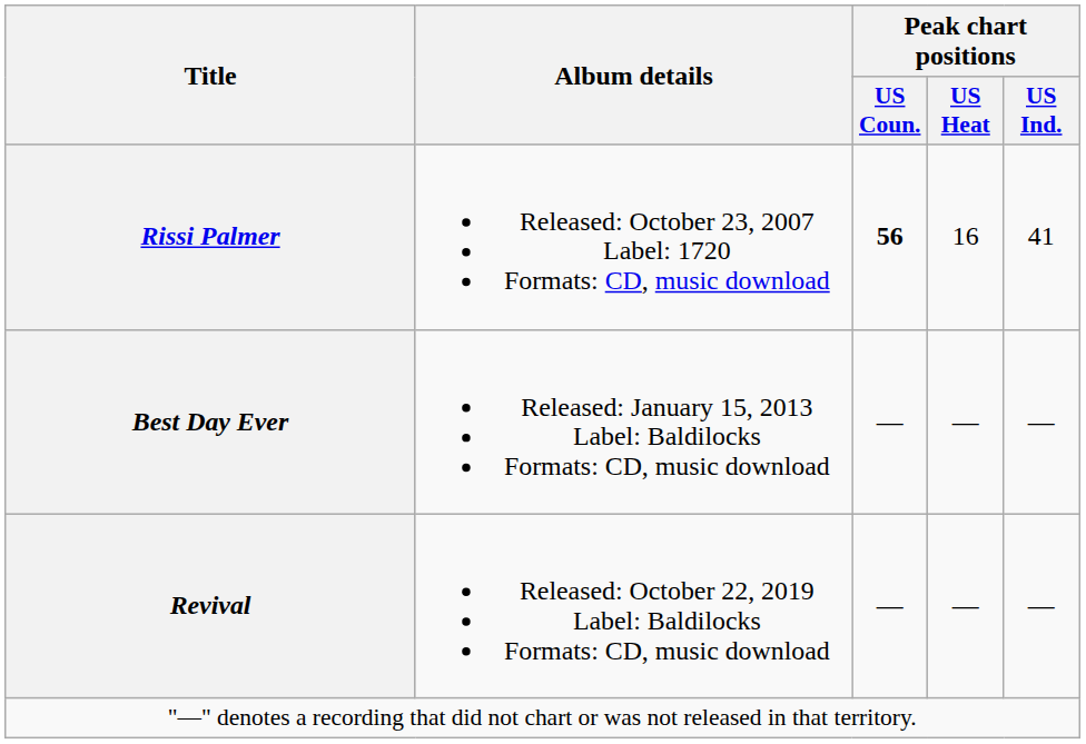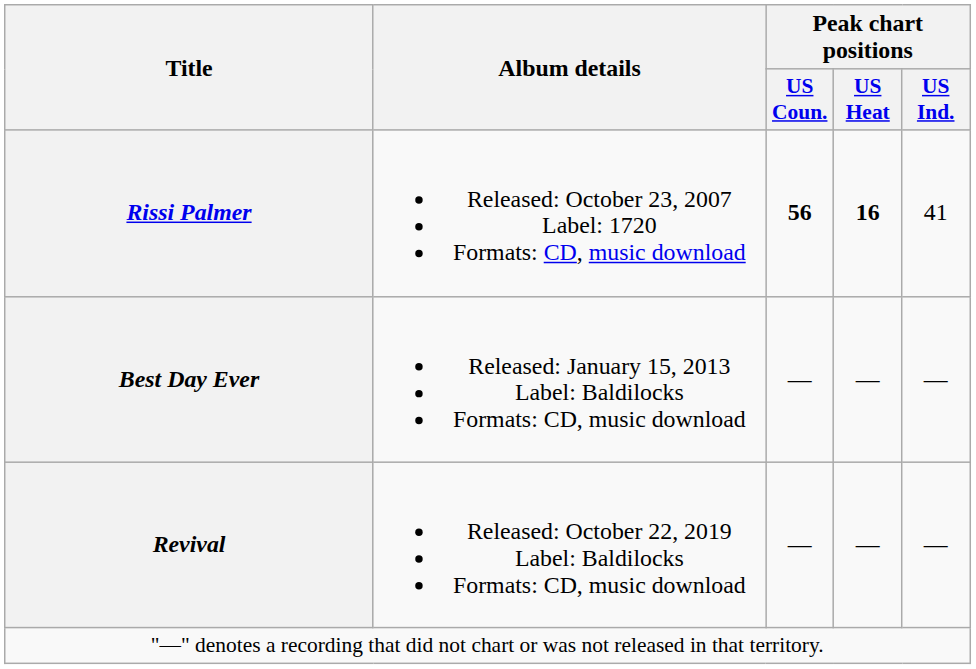 <table class="wikitable plainrowheaders" style="text-align:center;" border="1">
 <tr>
 <th scope="col" rowspan="2" style="width:15em;">Title</th>
 <th scope="col" rowspan="2" style="width:16em;">Album details</th>
 <th scope="col" colspan="3">Peak chart<br>positions</th>
 </tr>
 <tr>
 <th scope="col" style="width:2.7em;font-size:90%;"><a href='#'>US<br>Coun.</a><br></th>
 <th scope="col" style="width:2.7em;font-size:90%;"><a href='#'>US<br>Heat</a><br></th>
 <th scope="col" style="width:2.7em;font-size:90%;"><a href='#'>US<br>Ind.</a><br></th>
 </tr>
 <tr>
 <th scope="row"><em><a href='#'>Rissi Palmer</a></em></th>
 <td><br><ul><li>Released: October 23, 2007</li><li>Label: 1720</li><li>Formats: <a href='#'>CD</a>, <a href='#'>music download</a></li></ul></td>
 <td><strong>56</strong></td>
-<td>16</td>
+<td><strong>16</strong></td>
 <td>41</td>
 </tr>
 <tr>
 <th scope="row"><em>Best Day Ever</em></th>
 <td><br><ul><li>Released: January 15, 2013</li><li>Label: Baldilocks</li><li>Formats: CD, music download</li></ul></td>
 <td>—</td>
 <td>—</td>
 <td>—</td>
 </tr>
 <tr>
 <th scope="row"><em>Revival</em></th>
 <td><br><ul><li>Released: October 22, 2019</li><li>Label: Baldilocks</li><li>Formats: CD, music download</li></ul></td>
 <td>—</td>
 <td>—</td>
 <td>—</td>
 </tr>
 <tr>
 <td colspan="5" style="font-size:90%">"—" denotes a recording that did not chart or was not released in that territory.</td>
 </tr>
 </table>
